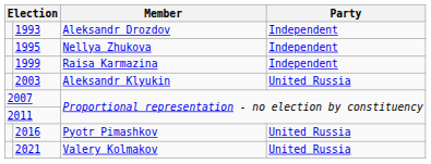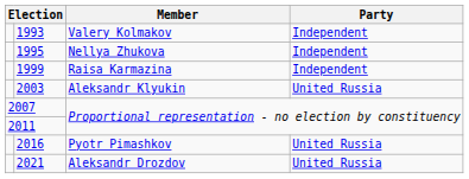 <table class="wikitable">
 <tr>
 <th colspan="2">Election</th>
 <th>Member</th>
 <th>Party</th>
 </tr>
 <tr>
 <td style="background-color:"></td>
 <td><a href='#'>1993</a></td>
-<td><a href='#'>Aleksandr Drozdov</a></td>
+<td><a href='#'>Valery Kolmakov</a></td>
 <td><a href='#'>Independent</a></td>
 </tr>
 <tr>
 <td style="background-color:"></td>
 <td><a href='#'>1995</a></td>
 <td><a href='#'>Nellya Zhukova</a></td>
 <td><a href='#'>Independent</a></td>
 </tr>
 <tr>
 <td style="background-color:"></td>
 <td><a href='#'>1999</a></td>
 <td><a href='#'>Raisa Karmazina</a></td>
 <td><a href='#'>Independent</a></td>
 </tr>
 <tr>
 <td style="background-color:"></td>
 <td><a href='#'>2003</a></td>
 <td><a href='#'>Aleksandr Klyukin</a></td>
 <td><a href='#'>United Russia</a></td>
 </tr>
 <tr>
 <td colspan=2><a href='#'>2007</a></td>
 <td colspan=2 rowspan=2><em><a href='#'>Proportional representation</a> - no election by constituency</em></td>
 </tr>
 <tr>
 <td colspan=2><a href='#'>2011</a></td>
 </tr>
 <tr>
 <td style="background-color: "></td>
 <td><a href='#'>2016</a></td>
 <td><a href='#'>Pyotr Pimashkov</a></td>
 <td><a href='#'>United Russia</a></td>
 </tr>
 <tr>
 <td style="background-color: "></td>
 <td><a href='#'>2021</a></td>
-<td><a href='#'>Valery Kolmakov</a></td>
+<td><a href='#'>Aleksandr Drozdov</a></td>
 <td><a href='#'>United Russia</a></td>
 </tr>
 </table>
